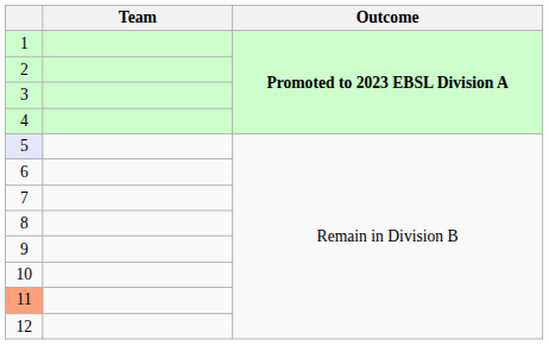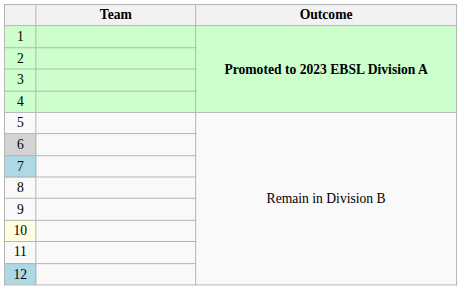 <table class="wikitable" style="text-align: center; font-size: 100%;">
 <tr>
 <th width="30"></th>
 <th width="180">Team</th>
 <th width="300">Outcome</th>
 </tr>
 <tr style="background-color: #ccffcc;">
 <td>1</td>
 <td align=left> <div></div></td>
 <td rowspan=4><strong>Promoted to 2023 EBSL Division A</strong></td>
 </tr>
 <tr style="background-color: #ccffcc;">
 <td>2</td>
 <td align=left></td>
 </tr>
 <tr style="background-color: #ccffcc;">
 <td>3</td>
 <td align=left></td>
 </tr>
 <tr style="background-color: #ccffcc;">
 <td>4</td>
 <td align=left> </td>
 </tr>
 <tr>
-<td style="background: lavender;">5</td>
+<td>5</td>
 <td align=left></td>
 <td rowspan=8>Remain in Division B</td>
 </tr>
 <tr>
-<td>6</td>
+<td style="background: lightgrey;">6</td>
 <td align=left></td>
 </tr>
 <tr>
-<td>7</td>
+<td style="background: lightblue;">7</td>
 <td align=left></td>
 </tr>
 <tr>
 <td>8</td>
 <td align=left></td>
 </tr>
 <tr>
 <td>9</td>
 <td align=left></td>
 </tr>
 <tr>
-<td>10</td>
+<td style="background: lightyellow;">10</td>
 <td align=left></td>
 </tr>
 <tr>
-<td style="background: lightsalmon;">11</td>
+<td>11</td>
 <td align=left></td>
 </tr>
 <tr>
-<td>12</td>
+<td style="background: lightblue;">12</td>
 <td align=left></td>
 </tr>
 </table>
